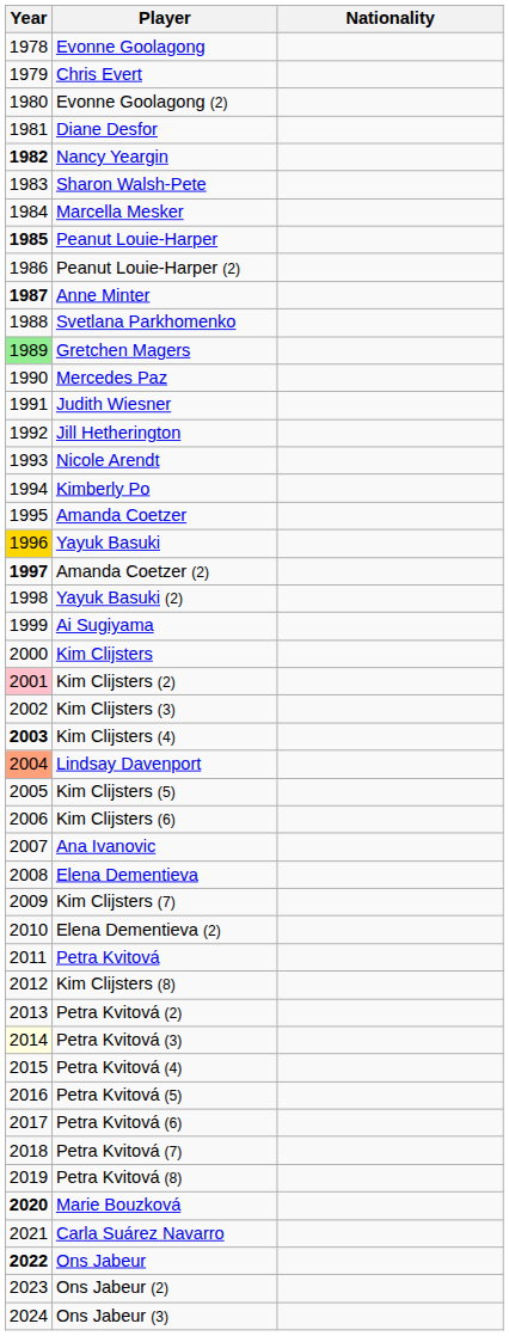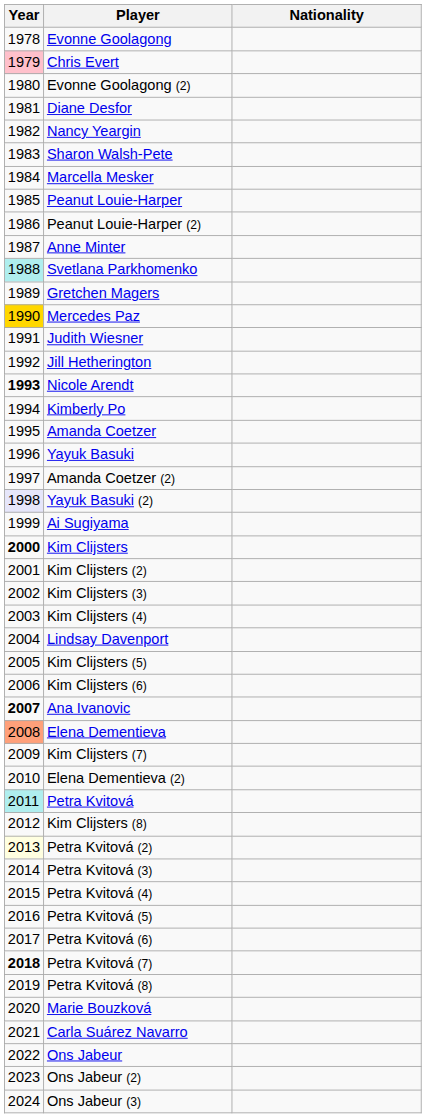 <table class="wikitable">
 <tr>
 <th>Year</th>
 <th width=200>Player</th>
 <th width=200>Nationality</th>
 </tr>
 <tr>
 <td>1978</td>
 <td><a href='#'>Evonne Goolagong</a></td>
 <td></td>
 </tr>
 <tr>
-<td>1979</td>
+<td style="background: pink;">1979</td>
 <td><a href='#'>Chris Evert</a></td>
 <td></td>
 </tr>
 <tr>
 <td>1980</td>
 <td>Evonne Goolagong <small>(2)</small></td>
 <td></td>
 </tr>
 <tr>
 <td>1981</td>
 <td><a href='#'>Diane Desfor</a></td>
 <td></td>
 </tr>
 <tr>
-<td><strong>1982</strong></td>
+<td>1982</td>
 <td><a href='#'>Nancy Yeargin</a></td>
 <td></td>
 </tr>
 <tr>
 <td>1983</td>
 <td><a href='#'>Sharon Walsh-Pete</a></td>
 <td></td>
 </tr>
 <tr>
 <td>1984</td>
 <td><a href='#'>Marcella Mesker</a></td>
 <td></td>
 </tr>
 <tr>
-<td><strong>1985</strong></td>
+<td>1985</td>
 <td><a href='#'>Peanut Louie-Harper</a></td>
 <td></td>
 </tr>
 <tr>
 <td>1986</td>
 <td>Peanut Louie-Harper <small>(2)</small></td>
 <td></td>
 </tr>
 <tr>
-<td><strong>1987</strong></td>
+<td>1987</td>
 <td><a href='#'>Anne Minter</a></td>
 <td></td>
 </tr>
 <tr>
-<td>1988</td>
+<td style="background: paleturquoise;">1988</td>
 <td><a href='#'>Svetlana Parkhomenko</a></td>
 <td></td>
 </tr>
 <tr>
-<td style="background: lightgreen;">1989</td>
+<td>1989</td>
 <td><a href='#'>Gretchen Magers</a></td>
 <td></td>
 </tr>
 <tr>
-<td>1990</td>
+<td style="background: gold;">1990</td>
 <td><a href='#'>Mercedes Paz</a></td>
 <td></td>
 </tr>
 <tr>
 <td>1991</td>
 <td><a href='#'>Judith Wiesner</a></td>
 <td></td>
 </tr>
 <tr>
 <td>1992</td>
 <td><a href='#'>Jill Hetherington</a></td>
 <td></td>
 </tr>
 <tr>
-<td>1993</td>
+<td><strong>1993</strong></td>
 <td><a href='#'>Nicole Arendt</a></td>
 <td></td>
 </tr>
 <tr>
 <td>1994</td>
 <td><a href='#'>Kimberly Po</a></td>
 <td></td>
 </tr>
 <tr>
 <td>1995</td>
 <td><a href='#'>Amanda Coetzer</a></td>
 <td></td>
 </tr>
 <tr>
-<td style="background: gold;">1996</td>
+<td>1996</td>
 <td><a href='#'>Yayuk Basuki</a></td>
 <td></td>
 </tr>
 <tr>
-<td><strong>1997</strong></td>
+<td>1997</td>
 <td>Amanda Coetzer <small>(2)</small></td>
 <td></td>
 </tr>
 <tr>
-<td>1998</td>
+<td style="background: lavender;">1998</td>
 <td><a href='#'>Yayuk Basuki</a> <small>(2)</small></td>
 <td></td>
 </tr>
 <tr>
 <td>1999</td>
 <td><a href='#'>Ai Sugiyama</a></td>
 <td></td>
 </tr>
 <tr>
-<td>2000</td>
+<td><strong>2000</strong></td>
 <td><a href='#'>Kim Clijsters</a></td>
 <td></td>
 </tr>
 <tr>
-<td style="background: pink;">2001</td>
+<td>2001</td>
 <td>Kim Clijsters <small>(2)</small></td>
 <td></td>
 </tr>
 <tr>
 <td>2002</td>
 <td>Kim Clijsters <small>(3)</small></td>
 <td></td>
 </tr>
 <tr>
-<td><strong>2003</strong></td>
+<td>2003</td>
 <td>Kim Clijsters <small>(4)</small></td>
 <td></td>
 </tr>
 <tr>
-<td style="background: lightsalmon;">2004</td>
+<td>2004</td>
 <td><a href='#'>Lindsay Davenport</a></td>
 <td></td>
 </tr>
 <tr>
 <td>2005</td>
 <td>Kim Clijsters <small>(5)</small></td>
 <td></td>
 </tr>
 <tr>
 <td>2006</td>
 <td>Kim Clijsters <small>(6)</small></td>
 <td></td>
 </tr>
 <tr>
-<td>2007</td>
+<td><strong>2007</strong></td>
 <td><a href='#'>Ana Ivanovic</a></td>
 <td></td>
 </tr>
 <tr>
-<td>2008</td>
+<td style="background: lightsalmon;">2008</td>
 <td><a href='#'>Elena Dementieva</a></td>
 <td></td>
 </tr>
 <tr>
 <td>2009</td>
 <td>Kim Clijsters <small>(7)</small></td>
 <td></td>
 </tr>
 <tr>
 <td>2010</td>
 <td>Elena Dementieva <small>(2)</small></td>
 <td></td>
 </tr>
 <tr>
-<td>2011</td>
+<td style="background: paleturquoise;">2011</td>
 <td><a href='#'>Petra Kvitová</a></td>
 <td></td>
 </tr>
 <tr>
 <td>2012</td>
 <td>Kim Clijsters <small>(8)</small></td>
 <td></td>
 </tr>
 <tr>
-<td>2013</td>
+<td style="background: lightyellow;">2013</td>
 <td>Petra Kvitová <small>(2)</small></td>
 <td></td>
 </tr>
 <tr>
-<td style="background: lightyellow;">2014</td>
+<td>2014</td>
 <td>Petra Kvitová <small>(3)</small></td>
 <td></td>
 </tr>
 <tr>
 <td>2015</td>
 <td>Petra Kvitová <small>(4)</small></td>
 <td></td>
 </tr>
 <tr>
 <td>2016</td>
 <td>Petra Kvitová <small>(5)</small></td>
 <td></td>
 </tr>
 <tr>
 <td>2017</td>
 <td>Petra Kvitová <small>(6)</small></td>
 <td></td>
 </tr>
 <tr>
-<td>2018</td>
+<td><strong>2018</strong></td>
 <td>Petra Kvitová <small>(7)</small></td>
 <td></td>
 </tr>
 <tr>
 <td>2019</td>
 <td>Petra Kvitová <small>(8)</small></td>
 <td></td>
 </tr>
 <tr>
-<td><strong>2020</strong></td>
+<td>2020</td>
 <td><a href='#'>Marie Bouzková</a></td>
 <td></td>
 </tr>
 <tr>
 <td>2021</td>
 <td><a href='#'>Carla Suárez Navarro</a></td>
 <td></td>
 </tr>
 <tr>
-<td><strong>2022</strong></td>
+<td>2022</td>
 <td><a href='#'>Ons Jabeur</a></td>
 <td></td>
 </tr>
 <tr>
 <td>2023</td>
 <td>Ons Jabeur <small>(2)</small></td>
 <td></td>
 </tr>
 <tr>
 <td>2024</td>
 <td>Ons Jabeur <small>(3)</small></td>
 <td></td>
 </tr>
 </table>
